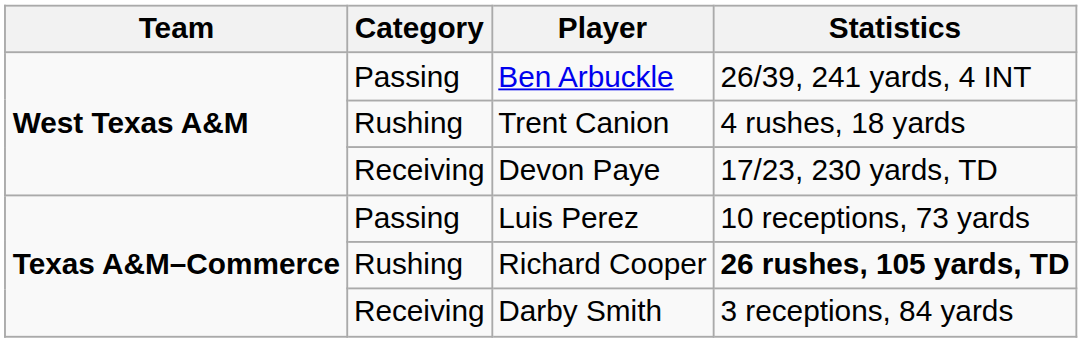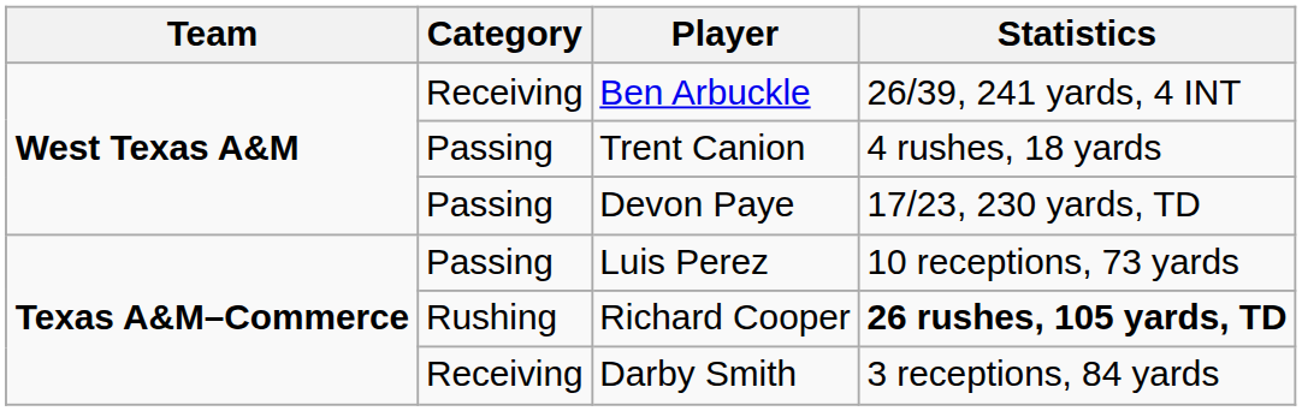 <table class="wikitable" style="float: right;">
 <tr>
 <th>Team</th>
 <th>Category</th>
 <th>Player</th>
 <th>Statistics</th>
 </tr>
 <tr>
 <td rowspan=3><strong>West Texas A&M</strong></td>
-<td>Passing</td>
+<td>Receiving</td>
 <td><a href='#'>Ben Arbuckle</a></td>
 <td>26/39, 241 yards, 4 INT</td>
 </tr>
 <tr>
-<td>Rushing</td>
+<td>Passing</td>
 <td>Trent Canion</td>
 <td>4 rushes, 18 yards</td>
 </tr>
 <tr>
-<td>Receiving</td>
+<td>Passing</td>
 <td>Devon Paye</td>
 <td>17/23, 230 yards, TD</td>
 </tr>
 <tr>
 <td rowspan=3><strong>Texas A&M–Commerce</strong></td>
 <td>Passing</td>
 <td>Luis Perez</td>
 <td>10 receptions, 73 yards</td>
 </tr>
 <tr>
 <td>Rushing</td>
 <td>Richard Cooper</td>
 <td><strong>26 rushes, 105 yards, TD</strong></td>
 </tr>
 <tr>
 <td>Receiving</td>
 <td>Darby Smith</td>
 <td>3 receptions, 84 yards</td>
 </tr>
 </table>
